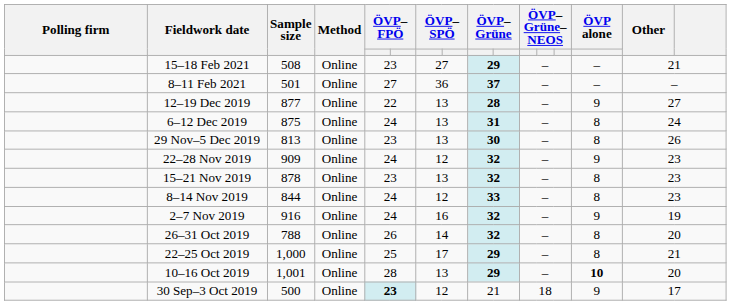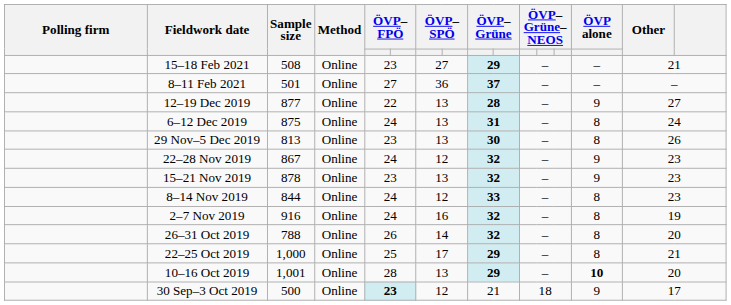 <table class="wikitable sortable mw-datatable" style="text-align:center;font-size:90%;line-height:14px;">
 <tr>
 <th style="width:150px;" rowspan="2">Polling firm</th>
 <th style="width:125px;" rowspan="2">Fieldwork date</th>
 <th style="width:35px;" rowspan="2">Sample<br>size</th>
 <th rowspan="2">Method</th>
 <th class="unsortable" style="width:50px;" colspan="2"><a href='#'>ÖVP</a>–<a href='#'>FPÖ</a></th>
 <th class="unsortable" style="width:50px;" colspan="2"><a href='#'>ÖVP</a>–<a href='#'>SPÖ</a></th>
 <th class="unsortable" style="width:50px;" colspan="2"><a href='#'>ÖVP</a>–<a href='#'>Grüne</a></th>
 <th class="unsortable" style="width:50px;" colspan="3"><a href='#'>ÖVP</a>–<a href='#'>Grüne</a>–<a href='#'>NEOS</a></th>
 <th class="unsortable" style="width:50px;" rowspan="1"><a href='#'>ÖVP</a> alone</th>
 <th class="unsortable" style="width:50px;" rowspan="2">Other</th>
 <th class="unsortable" style="width:50px;" rowspan="2"><br></th>
 </tr>
 <tr>
 <th style="background:"></th>
 <th style="background:"></th>
 <th style="background:"></th>
 <th style="background:"></th>
 <th style="background:"></th>
 <th style="background:"></th>
 <th style="background:"></th>
 <th style="background:"></th>
 <th style="background:"></th>
 <th style="background:"></th>
 </tr>
 <tr>
 <td></td>
 <td data-sort-value="2021-02-18">15–18 Feb 2021</td>
 <td>508</td>
 <td>Online</td>
 <td colspan="2">23</td>
 <td colspan="2">27</td>
 <td style="background:#D2EDF1;" colspan="2"><strong>29</strong></td>
 <td colspan="3">–</td>
 <td colspan="1">–</td>
 <td colspan="2">21</td>
 </tr>
 <tr>
 <td></td>
 <td data-sort-value="2021-02-13">8–11 Feb 2021</td>
 <td>501</td>
 <td>Online</td>
 <td colspan="2">27</td>
 <td colspan="2">36</td>
 <td style="background:#D2EDF1;" colspan="2"><strong>37</strong></td>
 <td colspan="3">–</td>
 <td colspan="1">–</td>
 <td colspan="2">–</td>
 </tr>
 <tr>
 <td></td>
 <td data-sort-value="2019-12-19">12–19 Dec 2019</td>
 <td>877</td>
 <td>Online</td>
 <td colspan="2">22</td>
 <td colspan="2">13</td>
 <td style="background:#D2EDF1;" colspan="2"><strong>28</strong></td>
 <td colspan="3">–</td>
 <td colspan="1">9</td>
 <td colspan="2">27</td>
 </tr>
 <tr>
 <td></td>
 <td data-sort-value="2019-12-12">6–12 Dec 2019</td>
 <td>875</td>
 <td>Online</td>
 <td colspan="2">24</td>
 <td colspan="2">13</td>
 <td style="background:#D2EDF1;" colspan="2"><strong>31</strong></td>
 <td colspan="3">–</td>
 <td colspan="1">8</td>
 <td colspan="2">24</td>
 </tr>
 <tr>
 <td></td>
 <td data-sort-value="2019-12-05">29 Nov–5 Dec 2019</td>
 <td>813</td>
 <td>Online</td>
 <td colspan="2">23</td>
 <td colspan="2">13</td>
 <td style="background:#D2EDF1;" colspan="2"><strong>30</strong></td>
 <td colspan="3">–</td>
 <td colspan="1">8</td>
 <td colspan="2">26</td>
 </tr>
 <tr>
 <td></td>
 <td data-sort-value="2019-11-28">22–28 Nov 2019</td>
-<td>909</td>
+<td>867</td>
 <td>Online</td>
 <td colspan="2">24</td>
 <td colspan="2">12</td>
 <td style="background:#D2EDF1;" colspan="2"><strong>32</strong></td>
 <td colspan="3">–</td>
 <td colspan="1">9</td>
 <td colspan="2">23</td>
 </tr>
 <tr>
 <td></td>
 <td data-sort-value="2019-11-21">15–21 Nov 2019</td>
 <td>878</td>
 <td>Online</td>
 <td colspan="2">23</td>
 <td colspan="2">13</td>
 <td style="background:#D2EDF1;" colspan="2"><strong>32</strong></td>
 <td colspan="3">–</td>
-<td colspan="1">8</td>
+<td colspan="1">9</td>
 <td colspan="2">23</td>
 </tr>
 <tr>
 <td></td>
 <td data-sort-value="2019-11-14">8–14 Nov 2019</td>
 <td>844</td>
 <td>Online</td>
 <td colspan="2">24</td>
 <td colspan="2">12</td>
 <td style="background:#D2EDF1;" colspan="2"><strong>33</strong></td>
 <td colspan="3">–</td>
 <td colspan="1">8</td>
 <td colspan="2">23</td>
 </tr>
 <tr>
 <td></td>
 <td data-sort-value="2019-11-07">2–7 Nov 2019</td>
 <td>916</td>
 <td>Online</td>
 <td colspan="2">24</td>
 <td colspan="2">16</td>
 <td style="background:#D2EDF1;" colspan="2"><strong>32</strong></td>
 <td colspan="3">–</td>
-<td colspan="1">9</td>
+<td colspan="1">8</td>
 <td colspan="2">19</td>
 </tr>
 <tr>
 <td></td>
 <td data-sort-value="2019-10-31">26–31 Oct 2019</td>
 <td>788</td>
 <td>Online</td>
 <td colspan="2">26</td>
 <td colspan="2">14</td>
 <td style="background:#D2EDF1;" colspan="2"><strong>32</strong></td>
 <td colspan="3">–</td>
 <td colspan="1">8</td>
 <td colspan="2">20</td>
 </tr>
 <tr>
 <td></td>
 <td data-sort-value="2019-10-25">22–25 Oct 2019</td>
 <td>1,000</td>
 <td>Online</td>
 <td colspan="2">25</td>
 <td colspan="2">17</td>
 <td style="background:#D2EDF1;" colspan="2"><strong>29</strong></td>
 <td colspan="3">–</td>
 <td colspan="1">8</td>
 <td colspan="2">21</td>
 </tr>
 <tr>
 <td></td>
 <td data-sort-value="2019-10-16">10–16 Oct 2019</td>
 <td>1,001</td>
 <td>Online</td>
 <td colspan="2">28</td>
 <td colspan="2">13</td>
 <td style="background:#D2EDF1;" colspan="2"><strong>29</strong></td>
 <td colspan="3">–</td>
 <td colspan="1"><strong>10</strong></td>
 <td colspan="2">20</td>
 </tr>
 <tr>
 <td></td>
 <td data-sort-value="2019-10-03">30 Sep–3 Oct 2019</td>
 <td>500</td>
 <td>Online</td>
 <td style="background:#D2EDF1;" colspan="2"><strong>23</strong></td>
 <td colspan="2">12</td>
 <td colspan="2">21</td>
 <td colspan="3">18</td>
 <td colspan="1">9</td>
 <td colspan="2">17</td>
 </tr>
 </table>
